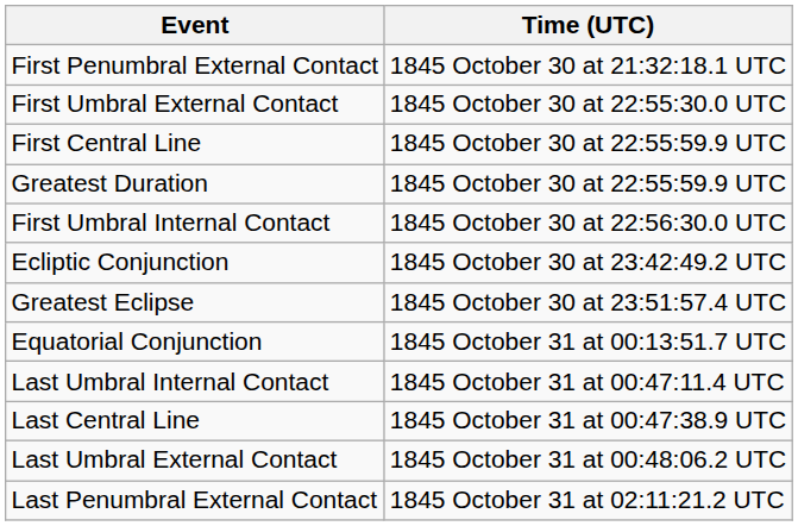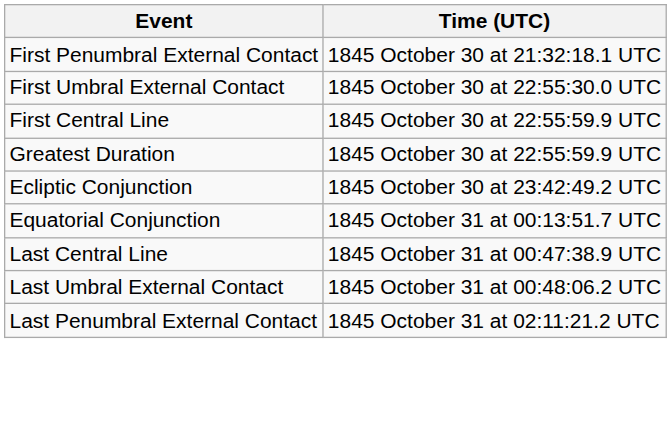 <table class="wikitable">
 <tr>
 <th>Event</th>
 <th>Time (UTC)</th>
 </tr>
 <tr>
 <td>First Penumbral External Contact</td>
 <td>1845 October 30 at 21:32:18.1 UTC</td>
 </tr>
 <tr>
 <td>First Umbral External Contact</td>
 <td>1845 October 30 at 22:55:30.0 UTC</td>
 </tr>
 <tr>
 <td>First Central Line</td>
 <td>1845 October 30 at 22:55:59.9 UTC</td>
 </tr>
 <tr>
 <td>Greatest Duration</td>
 <td>1845 October 30 at 22:55:59.9 UTC</td>
 </tr>
 <tr>
-<td>First Umbral Internal Contact</td>
-<td>1845 October 30 at 22:56:30.0 UTC</td>
-</tr>
-<tr>
 <td>Ecliptic Conjunction</td>
 <td>1845 October 30 at 23:42:49.2 UTC</td>
 </tr>
 <tr>
-<td>Greatest Eclipse</td>
-<td>1845 October 30 at 23:51:57.4 UTC</td>
-</tr>
-<tr>
 <td>Equatorial Conjunction</td>
 <td>1845 October 31 at 00:13:51.7 UTC</td>
-</tr>
-<tr>
-<td>Last Umbral Internal Contact</td>
-<td>1845 October 31 at 00:47:11.4 UTC</td>
 </tr>
 <tr>
 <td>Last Central Line</td>
 <td>1845 October 31 at 00:47:38.9 UTC</td>
 </tr>
 <tr>
 <td>Last Umbral External Contact</td>
 <td>1845 October 31 at 00:48:06.2 UTC</td>
 </tr>
 <tr>
 <td>Last Penumbral External Contact</td>
 <td>1845 October 31 at 02:11:21.2 UTC</td>
 </tr>
 </table>
